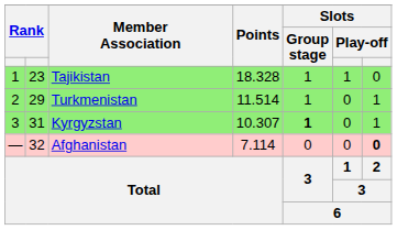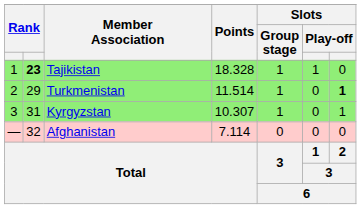 <table class="wikitable" style="text-align:center">
 <tr>
 </tr>
 <tr>
 <th colspan=2 rowspan=2><a href='#'>Rank</a></th>
 <th rowspan=3 width=200>Member<br>Association</th>
 <th rowspan=3>Points</th>
 <th colspan=3>Slots</th>
 </tr>
 <tr>
 <th rowspan=2>Group<br>stage</th>
 <th colspan=2>Play-off</th>
 </tr>
 <tr>
 <th></th>
 <th></th>
 <th></th>
 <th></th>
 </tr>
 <tr bgcolor=#90ee77>
 <td>1</td>
-<td>23</td>
+<td><strong>23</strong></td>
 <td align=left> <a href='#'>Tajikistan</a></td>
 <td>18.328</td>
 <td>1</td>
 <td>1</td>
 <td>0</td>
 </tr>
 <tr bgcolor=#90ee77>
 <td>2</td>
 <td>29</td>
 <td align=left> <a href='#'>Turkmenistan</a></td>
 <td>11.514</td>
 <td>1</td>
 <td>0</td>
-<td>1</td>
+<td><strong>1</strong></td>
 </tr>
 <tr bgcolor=#90ee77>
 <td>3</td>
 <td>31</td>
 <td align=left> <a href='#'>Kyrgyzstan</a></td>
 <td>10.307</td>
-<td><strong>1</strong></td>
+<td>1</td>
 <td>0</td>
 <td>1</td>
 </tr>
 <tr bgcolor=#ffcccc>
 <td>—</td>
 <td>32</td>
 <td align=left> <a href='#'>Afghanistan</a></td>
 <td>7.114</td>
 <td>0</td>
 <td>0</td>
-<td><strong>0</strong></td>
+<td>0</td>
 </tr>
 <tr>
 <th colspan=4 rowspan=3>Total</th>
 <th rowspan=2>3</th>
 <th>1</th>
 <th>2</th>
 </tr>
 <tr>
 <th colspan=2>3</th>
 </tr>
 <tr>
 <th colspan=3>6</th>
 </tr>
 </table>
